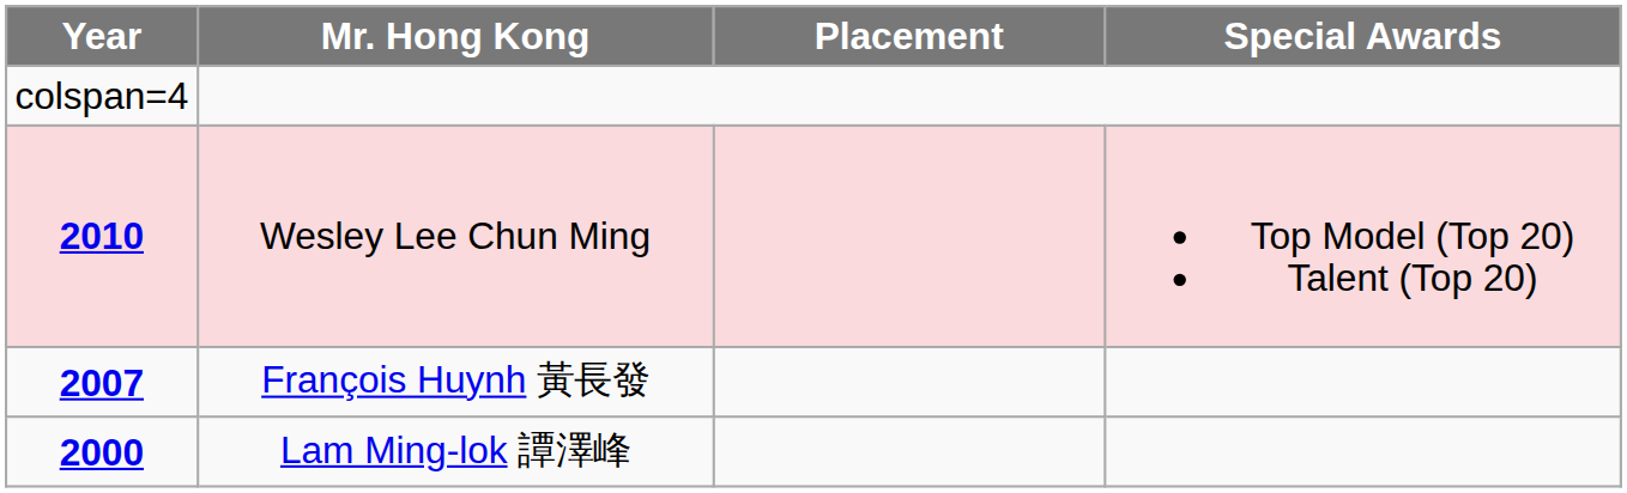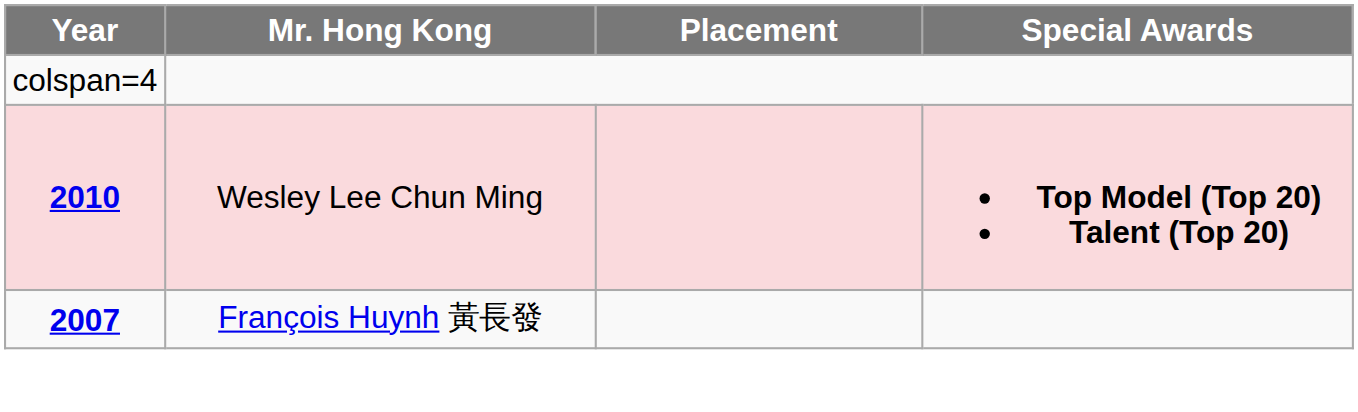 <table class="wikitable sortable" style="font-size: 95%; text-align:center">
 <tr>
 <th width="20" style="background-color:#787878;color:#FFFFFF;">Year</th>
 <th width="200" style="background-color:#787878;color:#FFFFFF;">Mr. Hong Kong</th>
 <th width="150" style="background-color:#787878;color:#FFFFFF;">Placement</th>
 <th width="200" style="background-color:#787878;color:#FFFFFF;">Special Awards</th>
 </tr>
 <tr>
 <td>colspan=4 </td>
 </tr>
 <tr style="background-color:#FADADD;">
 <td><strong><a href='#'>2010</a></strong></td>
 <td>Wesley Lee Chun Ming</td>
 <td></td>
-<td><br><ul><li>Top Model (Top 20)</li><li>Talent (Top 20)</li></ul></td>
+<td><strong><br><ul><li>Top Model (Top 20)</li><li>Talent (Top 20)</li></ul></strong></td>
 </tr>
 <tr>
 <td><strong><a href='#'>2007</a></strong></td>
 <td><a href='#'>François Huynh</a> 黃長發</td>
 <td></td>
 <td></td>
 </tr>
-<tr>
-<td><strong><a href='#'>2000</a></strong></td>
-<td><a href='#'>Lam Ming-lok</a> 譚澤峰</td>
-<td></td>
-<td></td>
-</tr>
 </table>
